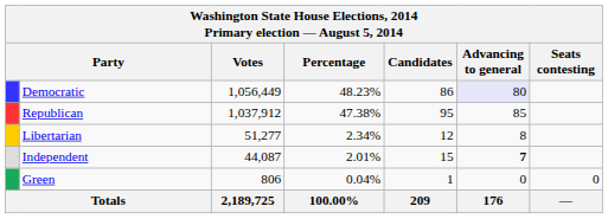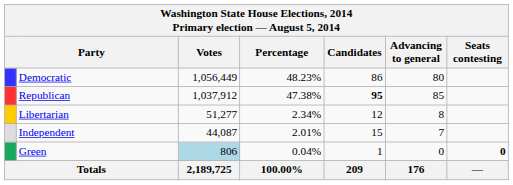 <table class="wikitable" style="font-size: 95%;">
 <tr>
 <th colspan="7">Washington State House Elections, 2014<br>Primary election — August 5, 2014</th>
 </tr>
 <tr>
 <th colspan="2" style="width: 15em">Party</th>
 <th style="width: 5em">Votes</th>
 <th style="width: 7em">Percentage</th>
 <th style="width: 5em">Candidates</th>
 <th style="width: 5em">Advancing to general</th>
 <th style="width: 5em">Seats contesting</th>
 </tr>
 <tr>
 <th style="background-color:#33F; width: 3px"></th>
 <td style="width: 130px"><a href='#'>Democratic</a></td>
 <td align="right">1,056,449</td>
 <td align="right">48.23%</td>
 <td align="right">86</td>
-<td align="right" style="background: lavender;">80</td>
+<td align="right">80</td>
 <td align="right"></td>
 </tr>
 <tr>
 <th style="background-color:#F33; width: 3px"></th>
 <td style="width: 130px"><a href='#'>Republican</a></td>
 <td align="right">1,037,912</td>
 <td align="right">47.38%</td>
-<td align="right">95</td>
+<td align="right"><strong>95</strong></td>
 <td align="right">85</td>
 <td align="right"></td>
 </tr>
 <tr>
 <th style="background-color:#FC0; width: 3px"></th>
 <td style="width: 130px"><a href='#'>Libertarian</a></td>
 <td align="right">51,277</td>
 <td align="right">2.34%</td>
 <td align="right">12</td>
 <td align="right">8</td>
 <td align="right"></td>
 </tr>
 <tr>
 <th style="background-color:#DDDDDD; width: 3px"></th>
 <td style="width: 130px"><a href='#'>Independent</a></td>
 <td align="right">44,087</td>
 <td align="right">2.01%</td>
 <td align="right">15</td>
-<td align="right"><strong>7</strong></td>
+<td align="right">7</td>
 <td align="right"></td>
 </tr>
 <tr>
 <th style="background-color:#17AA5C ; width: 3px"></th>
 <td style="width: 130px"><a href='#'>Green</a></td>
-<td align="right">806</td>
+<td align="right" style="background: lightblue;">806</td>
 <td align="right">0.04%</td>
 <td align="right">1</td>
 <td align="right">0</td>
-<td align="right">0</td>
+<td align="right"><strong>0</strong></td>
 </tr>
 <tr bgcolor="#EEEEEE">
 <th colspan="2" align="right">Totals</th>
 <th align="right">2,189,725</th>
 <th align="right">100.00%</th>
 <th align="right">209</th>
 <th align="right">176</th>
 <th align="right">—</th>
 </tr>
 </table>
